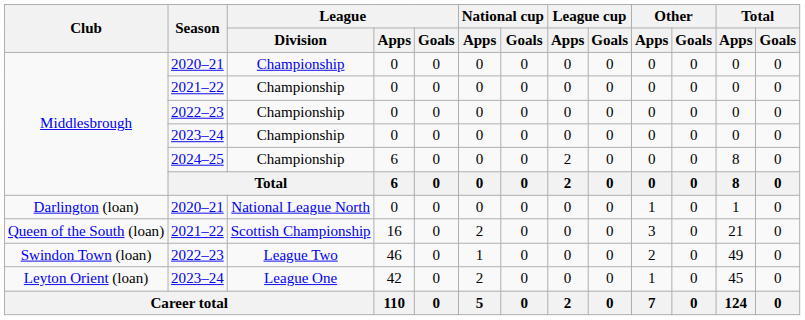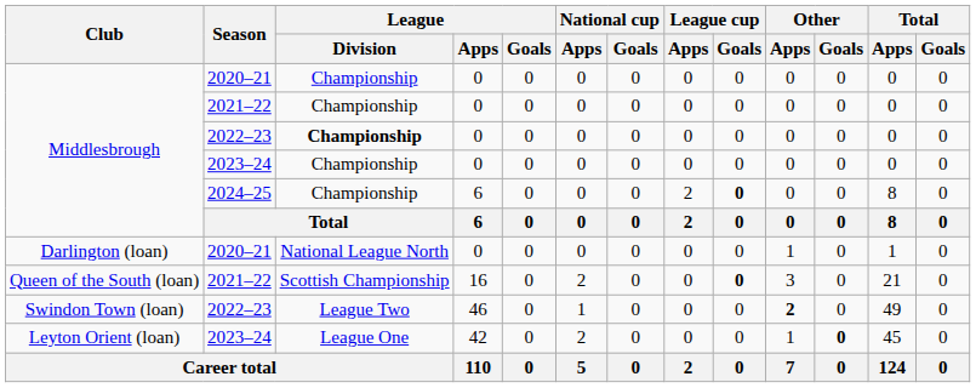 <table class=wikitable style=text-align:center>
 <tr>
 <th rowspan=2>Club</th>
 <th rowspan=2>Season</th>
 <th colspan=3>League</th>
 <th colspan=2>National cup</th>
 <th colspan=2>League cup</th>
 <th colspan=2>Other</th>
 <th colspan=2>Total</th>
 </tr>
 <tr>
 <th>Division</th>
 <th>Apps</th>
 <th>Goals</th>
 <th>Apps</th>
 <th>Goals</th>
 <th>Apps</th>
 <th>Goals</th>
 <th>Apps</th>
 <th>Goals</th>
 <th>Apps</th>
 <th>Goals</th>
 </tr>
 <tr>
 <td rowspan=6><a href='#'>Middlesbrough</a></td>
 <td><a href='#'>2020–21</a></td>
 <td><a href='#'>Championship</a></td>
 <td>0</td>
 <td>0</td>
 <td>0</td>
 <td>0</td>
 <td>0</td>
 <td>0</td>
 <td>0</td>
 <td>0</td>
 <td>0</td>
 <td>0</td>
 </tr>
 <tr>
 <td><a href='#'>2021–22</a></td>
 <td>Championship</td>
 <td>0</td>
 <td>0</td>
 <td>0</td>
 <td>0</td>
 <td>0</td>
 <td>0</td>
 <td>0</td>
 <td>0</td>
 <td>0</td>
 <td>0</td>
 </tr>
 <tr>
 <td><a href='#'>2022–23</a></td>
-<td>Championship</td>
+<td><strong>Championship</strong></td>
 <td>0</td>
 <td>0</td>
 <td>0</td>
 <td>0</td>
 <td>0</td>
 <td>0</td>
 <td>0</td>
 <td>0</td>
 <td>0</td>
 <td>0</td>
 </tr>
 <tr>
 <td><a href='#'>2023–24</a></td>
 <td>Championship</td>
 <td>0</td>
 <td>0</td>
 <td>0</td>
 <td>0</td>
 <td>0</td>
 <td>0</td>
 <td>0</td>
 <td>0</td>
 <td>0</td>
 <td>0</td>
 </tr>
 <tr>
 <td><a href='#'>2024–25</a></td>
 <td>Championship</td>
 <td>6</td>
 <td>0</td>
 <td>0</td>
 <td>0</td>
 <td>2</td>
-<td>0</td>
+<td><strong>0</strong></td>
 <td>0</td>
 <td>0</td>
 <td>8</td>
 <td>0</td>
 </tr>
 <tr>
 <th colspan="2">Total</th>
 <th>6</th>
 <th>0</th>
 <th>0</th>
 <th>0</th>
 <th>2</th>
 <th>0</th>
 <th>0</th>
 <th>0</th>
 <th>8</th>
 <th>0</th>
 </tr>
 <tr>
 <td><a href='#'>Darlington</a> (loan)</td>
 <td><a href='#'>2020–21</a></td>
 <td><a href='#'>National League North</a></td>
 <td>0</td>
 <td>0</td>
 <td>0</td>
 <td>0</td>
 <td>0</td>
 <td>0</td>
 <td>1</td>
 <td>0</td>
 <td>1</td>
 <td>0</td>
 </tr>
 <tr>
 <td><a href='#'>Queen of the South</a> (loan)</td>
 <td><a href='#'>2021–22</a></td>
 <td><a href='#'>Scottish Championship</a></td>
 <td>16</td>
 <td>0</td>
 <td>2</td>
 <td>0</td>
 <td>0</td>
-<td>0</td>
+<td><strong>0</strong></td>
 <td>3</td>
 <td>0</td>
 <td>21</td>
 <td>0</td>
 </tr>
 <tr>
 <td><a href='#'>Swindon Town</a> (loan)</td>
 <td><a href='#'>2022–23</a></td>
 <td><a href='#'>League Two</a></td>
 <td>46</td>
 <td>0</td>
 <td>1</td>
 <td>0</td>
 <td>0</td>
 <td>0</td>
-<td>2</td>
+<td><strong>2</strong></td>
 <td>0</td>
 <td>49</td>
 <td>0</td>
 </tr>
 <tr>
 <td><a href='#'>Leyton Orient</a> (loan)</td>
 <td><a href='#'>2023–24</a></td>
 <td><a href='#'>League One</a></td>
 <td>42</td>
 <td>0</td>
 <td>2</td>
 <td>0</td>
 <td>0</td>
 <td>0</td>
 <td>1</td>
-<td>0</td>
+<td><strong>0</strong></td>
 <td>45</td>
 <td>0</td>
 </tr>
 <tr>
 <th colspan="3">Career total</th>
 <th>110</th>
 <th>0</th>
 <th>5</th>
 <th>0</th>
 <th>2</th>
 <th>0</th>
 <th>7</th>
 <th>0</th>
 <th>124</th>
 <th>0</th>
 </tr>
 </table>
